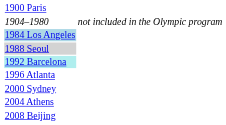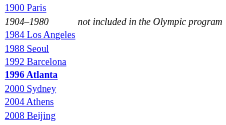 <table>
 <tr>
 <td><a href='#'>1900 Paris</a><br></td>
 <td></td>
 <td></td>
 <td></td>
 </tr>
 <tr>
 <td><em>1904–1980</em></td>
 <td colspan=3 align=center><em>not included in the Olympic program</em></td>
 </tr>
 <tr>
-<td style="background: lightblue;"><a href='#'>1984 Los Angeles</a><br></td>
+<td><a href='#'>1984 Los Angeles</a><br></td>
 <td></td>
 <td></td>
 <td></td>
 </tr>
 <tr>
-<td style="background: lightgrey;"><a href='#'>1988 Seoul</a><br></td>
+<td><a href='#'>1988 Seoul</a><br></td>
 <td></td>
 <td></td>
 <td></td>
 </tr>
 <tr>
-<td style="background: paleturquoise;"><a href='#'>1992 Barcelona</a><br></td>
+<td><a href='#'>1992 Barcelona</a><br></td>
 <td></td>
 <td></td>
 <td></td>
 </tr>
 <tr>
-<td><a href='#'>1996 Atlanta</a><br></td>
+<td><strong><a href='#'>1996 Atlanta</a><br></strong></td>
 <td></td>
 <td></td>
 <td></td>
 </tr>
 <tr>
 <td><a href='#'>2000 Sydney</a><br></td>
 <td></td>
 <td></td>
 <td></td>
 </tr>
 <tr>
 <td><a href='#'>2004 Athens</a><br></td>
 <td></td>
 <td></td>
 <td></td>
 </tr>
 <tr>
 <td><a href='#'>2008 Beijing</a><br></td>
 <td></td>
 <td></td>
 <td></td>
 </tr>
 </table>
